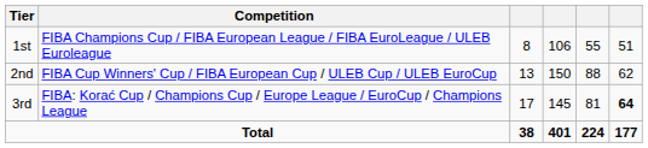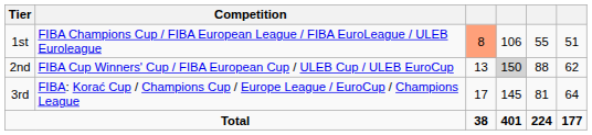 <table class="wikitable" style="text-align: center; font-size:95%">
 <tr>
 <th style="width:30px;">Tier</th>
 <th style="width:520px;">Competition</th>
 <th style="width:30px;"></th>
 <th style="width:30px;"></th>
 <th style="width:30px;"></th>
 <th style="width:30px;"></th>
 </tr>
 <tr>
 <td>1st</td>
 <td align="left"><a href='#'>FIBA Champions Cup / FIBA European League / FIBA EuroLeague / ULEB Euroleague</a></td>
-<td>8</td>
+<td style="background: lightsalmon;">8</td>
 <td>106</td>
 <td>55</td>
 <td>51</td>
 </tr>
 <tr>
 <td>2nd</td>
 <td align="left"><a href='#'>FIBA Cup Winners' Cup / FIBA European Cup</a> / <a href='#'>ULEB Cup / ULEB EuroCup</a></td>
 <td>13</td>
-<td>150</td>
+<td style="background: lightgrey;">150</td>
 <td>88</td>
 <td>62</td>
 </tr>
 <tr>
 <td>3rd</td>
 <td align="left"><a href='#'>FIBA</a>: <a href='#'>Korać Cup</a> / <a href='#'>Champions Cup</a> / <a href='#'>Europe League / EuroCup</a> / <a href='#'>Champions League</a></td>
 <td>17</td>
 <td>145</td>
 <td>81</td>
-<td><strong>64</strong></td>
+<td>64</td>
 </tr>
 <tr>
 <td colspan="2"><strong>Total</strong></td>
 <td><strong>38</strong></td>
 <td><strong>401</strong></td>
 <td><strong>224</strong></td>
 <td><strong>177</strong></td>
 </tr>
 </table>
